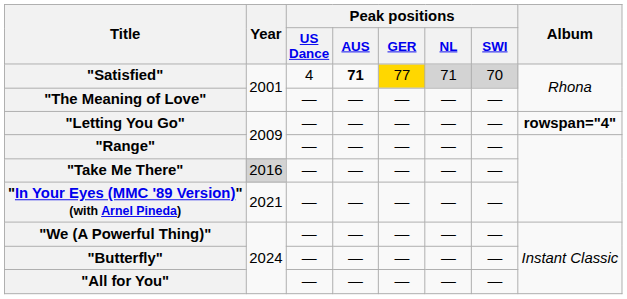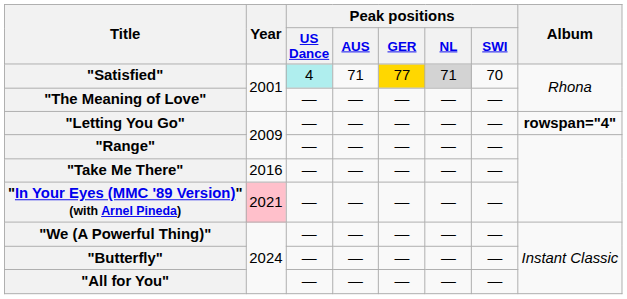 <table class="wikitable plainrowheaders" style="text-align:center;">
 <tr>
 <th align="center" rowspan="2">Title</th>
 <th align="center" rowspan="2" width="10">Year</th>
 <th align="center" colspan="5" width="20">Peak positions</th>
 <th align="center" rowspan="2">Album</th>
 </tr>
 <tr>
 <th scope="col" style="width:3em;font-size:90%;"><a href='#'>US<br>Dance</a><br></th>
 <th scope="col" style="width:3em;font-size:90%;"><a href='#'>AUS</a><br></th>
 <th scope="col" style="width:3em;font-size:90%;"><a href='#'>GER</a><br></th>
 <th scope="col" style="width:3em;font-size:90%;"><a href='#'>NL</a><br></th>
 <th scope="col" style="width:3em;font-size:90%;"><a href='#'>SWI</a><br></th>
 </tr>
 <tr>
 <th scope="row">"Satisfied"</th>
 <td rowspan="2">2001</td>
-<td>4</td>
-<td><strong>71</strong></td>
+<td style="background: paleturquoise;">4</td>
+<td>71</td>
 <td style="background: gold;">77</td>
 <td style="background: lightgrey;">71</td>
-<td style="background: lightgrey;">70</td>
+<td>70</td>
 <td rowspan="2"><em>Rhona</em></td>
 </tr>
 <tr>
 <th scope="row">"The Meaning of Love"</th>
 <td>—</td>
 <td>—</td>
 <td>—</td>
 <td>—</td>
 <td>—</td>
 </tr>
 <tr>
 <th scope="row">"Letting You Go"</th>
 <td rowspan="2">2009</td>
 <td>—</td>
 <td>—</td>
 <td>—</td>
 <td>—</td>
 <td>—</td>
 <td><strong>rowspan="4" </strong></td>
 </tr>
 <tr>
 <th scope="row">"Range"</th>
 <td>—</td>
 <td>—</td>
 <td>—</td>
 <td>—</td>
 <td>—</td>
 </tr>
 <tr>
 <th scope="row">"Take Me There"</th>
-<td style="background: lightgrey;">2016</td>
+<td>2016</td>
 <td>—</td>
 <td>—</td>
 <td>—</td>
 <td>—</td>
 <td>—</td>
 </tr>
 <tr>
 <th scope="row">"<a href='#'>In Your Eyes (MMC '89 Version)</a>" <br><small>(with <a href='#'>Arnel Pineda</a>)</small></th>
-<td>2021</td>
+<td style="background: pink;">2021</td>
 <td>—</td>
 <td>—</td>
 <td>—</td>
 <td>—</td>
 <td>—</td>
 </tr>
 <tr>
 <th scope="row">"We (A Powerful Thing)"</th>
 <td rowspan="3">2024</td>
 <td>—</td>
 <td>—</td>
 <td>—</td>
 <td>—</td>
 <td>—</td>
 <td rowspan="3"><em>Instant Classic</em></td>
 </tr>
 <tr>
 <th scope="row">"Butterfly"</th>
 <td>—</td>
 <td>—</td>
 <td>—</td>
 <td>—</td>
 <td>—</td>
 </tr>
 <tr>
 <th scope="row">"All for You"</th>
 <td>—</td>
 <td>—</td>
 <td>—</td>
 <td>—</td>
 <td>—</td>
 </tr>
 </table>
